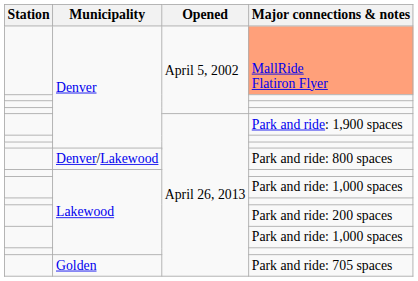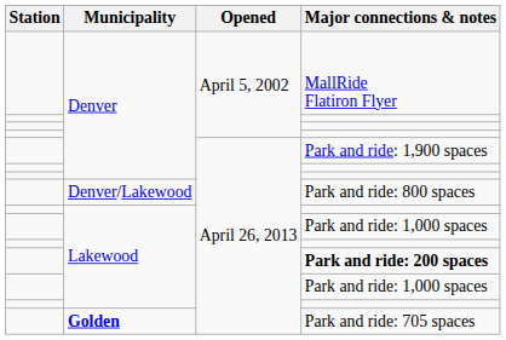 <table class="wikitable">
 <tr>
 <th>Station</th>
 <th>Municipality</th>
 <th>Opened</th>
 <th>Major connections & notes</th>
 </tr>
 <tr>
 <td></td>
 <td rowspan="8"><a href='#'>Denver</a></td>
 <td rowspan="4">April 5, 2002</td>
-<td style="background: lightsalmon;"> <br><br> <a href='#'>MallRide</a><br> <a href='#'>Flatiron Flyer</a></td>
+<td> <br><br> <a href='#'>MallRide</a><br> <a href='#'>Flatiron Flyer</a></td>
 </tr>
 <tr>
 <td></td>
 <td> </td>
 </tr>
 <tr>
 <td></td>
 <td> </td>
 </tr>
 <tr>
 <td></td>
 <td> </td>
 </tr>
 <tr>
 <td></td>
 <td rowspan="12">April 26, 2013</td>
 <td><a href='#'>Park and ride</a>: 1,900 spaces</td>
 </tr>
 <tr>
 <td></td>
 <td></td>
 </tr>
 <tr>
 <td></td>
 <td></td>
 </tr>
 <tr>
 <td rowspan="2"></td>
 <td rowspan="2">Park and ride: 800 spaces</td>
 </tr>
 <tr>
 <td><a href='#'>Denver</a>/<a href='#'>Lakewood</a></td>
 </tr>
 <tr>
 <td></td>
 <td rowspan="6"><a href='#'>Lakewood</a></td>
 <td></td>
 </tr>
 <tr>
 <td></td>
 <td>Park and ride: 1,000 spaces</td>
 </tr>
 <tr>
 <td></td>
 <td></td>
 </tr>
 <tr>
 <td></td>
-<td>Park and ride: 200 spaces</td>
+<td><strong>Park and ride: 200 spaces</strong></td>
 </tr>
 <tr>
 <td></td>
 <td>Park and ride: 1,000 spaces</td>
 </tr>
 <tr>
 <td></td>
 <td></td>
 </tr>
 <tr>
 <td></td>
-<td><a href='#'>Golden</a></td>
+<td><strong><a href='#'>Golden</a></strong></td>
 <td>Park and ride: 705 spaces</td>
 </tr>
 </table>
